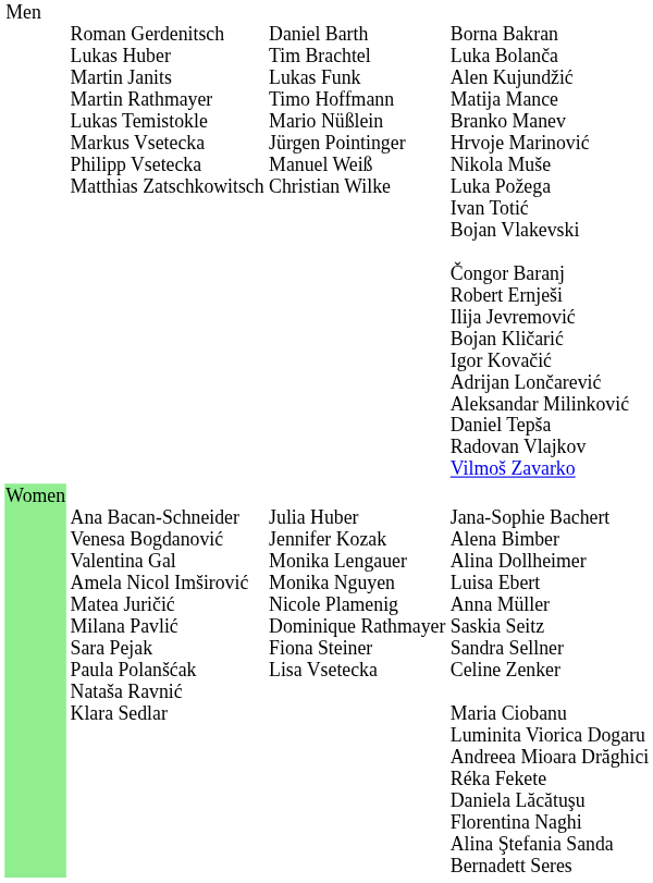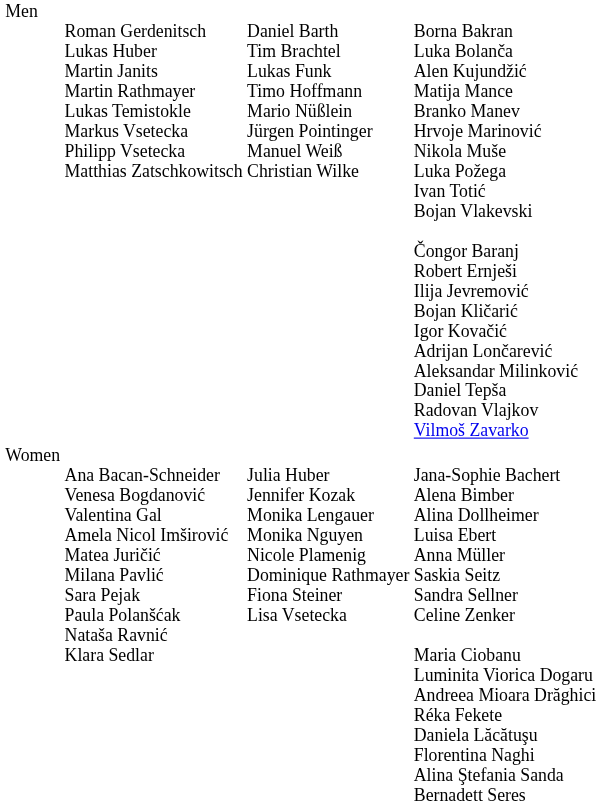 <table>
 <tr valign="top">
 <td>Men<br></td>
 <td><br>Roman Gerdenitsch<br>Lukas Huber<br>Martin Janits<br>Martin Rathmayer<br>Lukas Temistokle<br>Markus Vsetecka<br>Philipp Vsetecka<br>Matthias Zatschkowitsch</td>
 <td><br>Daniel Barth<br>Tim Brachtel<br>Lukas Funk<br>Timo Hoffmann<br>Mario Nüßlein<br>Jürgen Pointinger<br>Manuel Weiß<br>Christian Wilke</td>
 <td><br>Borna Bakran<br>Luka Bolanča<br>Alen Kujundžić<br>Matija Mance<br>Branko Manev<br>Hrvoje Marinović<br>Nikola Muše<br>Luka Požega<br>Ivan Totić<br>Bojan Vlakevski<br><br>Čongor Baranj<br>Robert Ernješi<br>Ilija Jevremović<br>Bojan Kličarić<br>Igor Kovačić<br>Adrijan Lončarević<br>Aleksandar Milinković<br>Daniel Tepša<br>Radovan Vlajkov<br><a href='#'>Vilmoš Zavarko</a> </td>
 </tr>
 <tr valign="top">
-<td style="background: lightgreen;">Women<br></td>
+<td>Women<br></td>
 <td><br>Ana Bacan-Schneider<br>Venesa Bogdanović<br>Valentina Gal<br>Amela Nicol Imširović<br>Matea Juričić<br>Milana Pavlić<br>Sara Pejak<br>Paula Polanšćak<br>Nataša Ravnić<br>Klara Sedlar</td>
 <td><br>Julia Huber<br>Jennifer Kozak<br>Monika Lengauer<br>Monika Nguyen<br>Nicole Plamenig<br>Dominique Rathmayer<br>Fiona Steiner<br>Lisa Vsetecka</td>
 <td><br>Jana-Sophie Bachert<br>Alena Bimber<br>Alina Dollheimer<br>Luisa Ebert<br>Anna Müller<br>Saskia Seitz<br>Sandra Sellner<br>Celine Zenker<br><br>Maria Ciobanu<br>Luminita Viorica Dogaru<br>Andreea Mioara Drăghici<br>Réka Fekete<br>Daniela Lăcătuşu<br>Florentina Naghi<br>Alina Ştefania Sanda<br>Bernadett Seres </td>
 </tr>
 </table>
